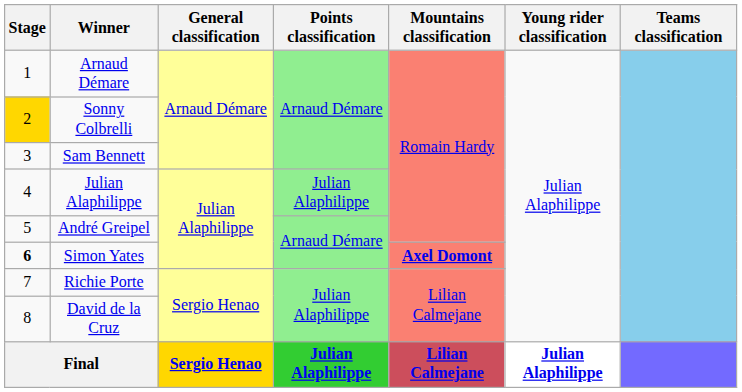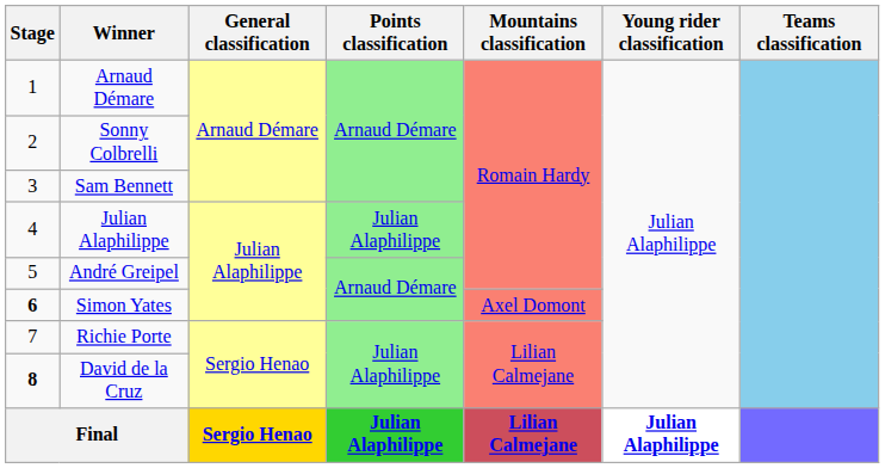 <table class=wikitable style="text-align: center; font-size:smaller;">
 <tr>
 <th style="width:1%;">Stage</th>
 <th style="width:14%;">Winner</th>
 <th style="width:15%;">General classification<br></th>
 <th style="width:15%;">Points classification<br></th>
 <th style="width:15%;">Mountains classification<br></th>
 <th style="width:15%;">Young rider classification<br></th>
 <th style="width:15%;">Teams classification</th>
 </tr>
 <tr>
 <td>1</td>
 <td><a href='#'>Arnaud Démare</a></td>
 <td style="background:#ffff99;" rowspan=3><a href='#'>Arnaud Démare</a></td>
 <td style="background:lightgreen;" rowspan=3><a href='#'>Arnaud Démare</a></td>
 <td style="background:salmon;" rowspan=5><a href='#'>Romain Hardy</a></td>
 <td style="background:offwhite;" rowspan=8><a href='#'>Julian Alaphilippe</a></td>
 <td style="background:skyblue;" rowspan=8></td>
 </tr>
 <tr>
-<td style="background: gold;">2</td>
+<td>2</td>
 <td><a href='#'>Sonny Colbrelli</a></td>
 </tr>
 <tr>
 <td>3</td>
 <td><a href='#'>Sam Bennett</a></td>
 </tr>
 <tr>
 <td>4</td>
 <td><a href='#'>Julian Alaphilippe</a></td>
 <td style="background:#ffff99;" rowspan=3><a href='#'>Julian Alaphilippe</a></td>
 <td style="background:lightgreen;"><a href='#'>Julian Alaphilippe</a></td>
 </tr>
 <tr>
 <td>5</td>
 <td><a href='#'>André Greipel</a></td>
 <td style="background:lightgreen;" rowspan=2><a href='#'>Arnaud Démare</a></td>
 </tr>
 <tr>
 <td><strong>6</strong></td>
 <td><a href='#'>Simon Yates</a></td>
-<td style="background:salmon;"><strong><a href='#'>Axel Domont</a></strong></td>
+<td style="background:salmon;"><a href='#'>Axel Domont</a></td>
 </tr>
 <tr>
 <td>7</td>
 <td><a href='#'>Richie Porte</a></td>
 <td style="background:#ffff99;" rowspan=2><a href='#'>Sergio Henao</a></td>
 <td style="background:lightgreen;" rowspan=2><a href='#'>Julian Alaphilippe</a></td>
 <td style="background:salmon;" rowspan=2><a href='#'>Lilian Calmejane</a></td>
 </tr>
 <tr>
-<td>8</td>
+<td><strong>8</strong></td>
 <td><a href='#'>David de la Cruz</a></td>
 </tr>
 <tr>
 <th colspan=2>Final</th>
 <th style="background:gold;"><a href='#'>Sergio Henao</a></th>
 <th style="background:limegreen;"><a href='#'>Julian Alaphilippe</a></th>
 <th style="background:#CC4E5C;"><a href='#'>Lilian Calmejane</a></th>
 <th style="background:white;"><a href='#'>Julian Alaphilippe</a></th>
 <th style="background:#736aff;"></th>
 </tr>
 </table>
